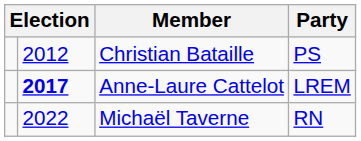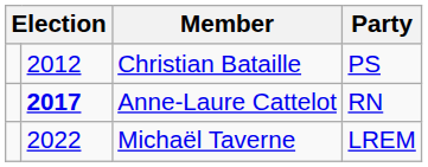 <table class="wikitable">
 <tr>
 <th colspan="2">Election</th>
 <th>Member</th>
 <th>Party</th>
 </tr>
 <tr>
 <td style="color:inherit;background-color: "></td>
 <td><a href='#'>2012</a></td>
 <td><a href='#'>Christian Bataille</a></td>
 <td><a href='#'>PS</a></td>
 </tr>
 <tr>
 <td style="color:inherit;background-color: "></td>
 <td><strong><a href='#'>2017</a></strong></td>
 <td><a href='#'>Anne-Laure Cattelot</a></td>
-<td><a href='#'>LREM</a></td>
+<td><a href='#'>RN</a></td>
 </tr>
 <tr>
 <td style="color:inherit;background-color: "></td>
 <td><a href='#'>2022</a></td>
 <td><a href='#'>Michaël Taverne</a></td>
-<td><a href='#'>RN</a></td>
+<td><a href='#'>LREM</a></td>
 </tr>
 </table>
